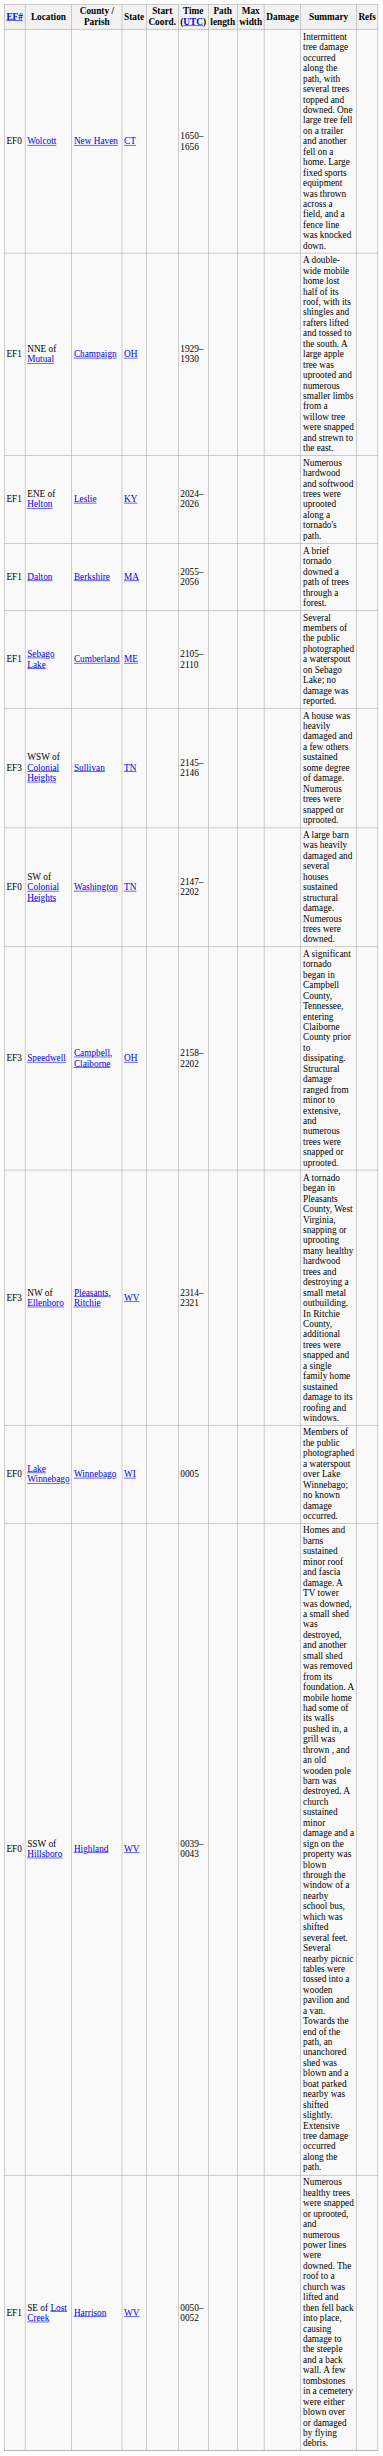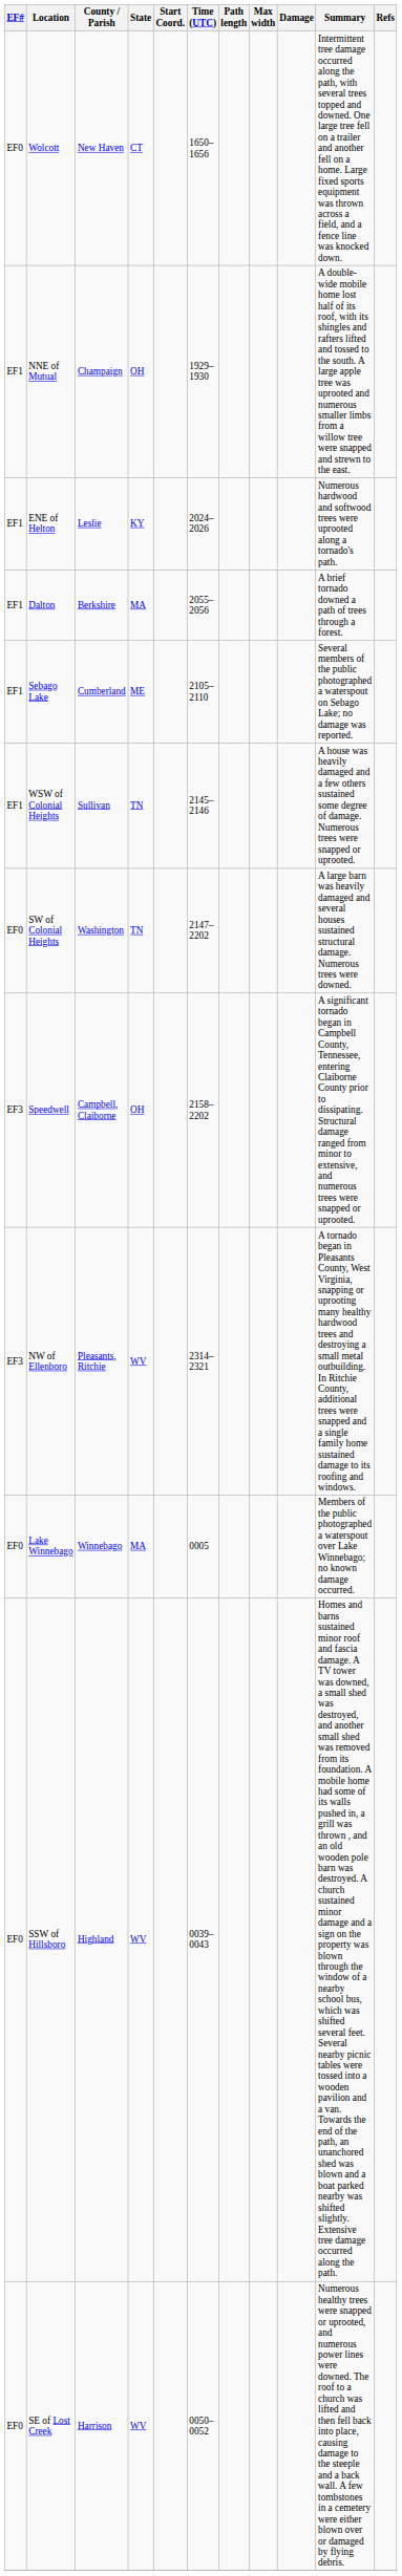 <table class="wikitable sortable" style="width:100%;">
 <tr>
 <th scope="col" width="3%" align="center"><a href='#'>EF#</a></th>
 <th scope="col" width="7%" align="center" class="unsortable">Location</th>
 <th scope="col" width="6%" align="center" class="unsortable">County / Parish</th>
 <th scope="col" width="5%" align="center">State</th>
 <th scope="col" width="6%" align="center">Start Coord.</th>
 <th scope="col" width="6%" align="center">Time (<a href='#'>UTC</a>)</th>
 <th scope="col" width="6%" align="center">Path length</th>
 <th scope="col" width="6%" align="center">Max width</th>
 <th scope="col" width="6%" align="center">Damage</th>
 <th scope="col" width="48%" class="unsortable" align="center">Summary</th>
 <th scope="col" width="48%" class="unsortable" align="center">Refs</th>
 </tr>
 <tr>
 <td>EF0</td>
 <td><a href='#'>Wolcott</a></td>
 <td><a href='#'>New Haven</a></td>
 <td><a href='#'>CT</a></td>
 <td></td>
 <td>1650–1656</td>
 <td></td>
 <td></td>
 <td></td>
 <td>Intermittent tree damage occurred along the path, with several trees topped and downed. One large tree fell on a trailer and another fell on a home. Large fixed sports equipment was thrown across a field, and a fence line was knocked down.</td>
 <td></td>
 </tr>
 <tr>
 <td>EF1</td>
 <td>NNE of <a href='#'>Mutual</a></td>
 <td><a href='#'>Champaign</a></td>
 <td><a href='#'>OH</a></td>
 <td></td>
 <td>1929–1930</td>
 <td></td>
 <td></td>
 <td></td>
 <td>A double-wide mobile home lost half of its roof, with its shingles and rafters lifted and tossed to the south. A large apple tree was uprooted and numerous smaller limbs from a willow tree were snapped and strewn to the east.</td>
 <td></td>
 </tr>
 <tr>
 <td>EF1</td>
 <td>ENE of <a href='#'>Helton</a></td>
 <td><a href='#'>Leslie</a></td>
 <td><a href='#'>KY</a></td>
 <td></td>
 <td>2024–2026</td>
 <td></td>
 <td></td>
 <td></td>
 <td>Numerous hardwood and softwood trees were uprooted along a tornado's path.</td>
 <td></td>
 </tr>
 <tr>
 <td>EF1</td>
 <td><a href='#'>Dalton</a></td>
 <td><a href='#'>Berkshire</a></td>
 <td><a href='#'>MA</a></td>
 <td></td>
 <td>2055–2056</td>
 <td></td>
 <td></td>
 <td></td>
 <td>A brief tornado downed a path of trees through a forest.</td>
 <td></td>
 </tr>
 <tr>
 <td>EF1</td>
 <td><a href='#'>Sebago Lake</a></td>
 <td><a href='#'>Cumberland</a></td>
 <td><a href='#'>ME</a></td>
 <td></td>
 <td>2105–2110</td>
 <td></td>
 <td></td>
 <td></td>
 <td>Several members of the public photographed a waterspout on Sebago Lake; no damage was reported.</td>
 <td></td>
 </tr>
 <tr>
-<td>EF3</td>
+<td>EF1</td>
 <td>WSW of <a href='#'>Colonial Heights</a></td>
 <td><a href='#'>Sullivan</a></td>
 <td><a href='#'>TN</a></td>
 <td></td>
 <td>2145–2146</td>
 <td></td>
 <td></td>
 <td></td>
 <td>A house was heavily damaged and a few others sustained some degree of damage. Numerous trees were snapped or uprooted.</td>
 <td></td>
 </tr>
 <tr>
 <td>EF0</td>
 <td>SW of <a href='#'>Colonial Heights</a></td>
 <td><a href='#'>Washington</a></td>
 <td><a href='#'>TN</a></td>
 <td></td>
 <td>2147–2202</td>
 <td></td>
 <td></td>
 <td></td>
 <td>A large barn was heavily damaged and several houses sustained structural damage. Numerous trees were downed.</td>
 <td></td>
 </tr>
 <tr>
 <td>EF3</td>
 <td><a href='#'>Speedwell</a></td>
 <td><a href='#'>Campbell</a>, <a href='#'>Claiborne</a></td>
 <td><a href='#'>OH</a></td>
 <td></td>
 <td>2158–2202</td>
 <td></td>
 <td></td>
 <td></td>
 <td>A significant tornado began in Campbell County, Tennessee, entering Claiborne County prior to dissipating. Structural damage ranged from minor to extensive, and numerous trees were snapped or uprooted.</td>
 <td></td>
 </tr>
 <tr>
 <td>EF3</td>
 <td>NW of <a href='#'>Ellenboro</a></td>
 <td><a href='#'>Pleasants</a>, <a href='#'>Ritchie</a></td>
 <td><a href='#'>WV</a></td>
 <td></td>
 <td>2314–2321</td>
 <td></td>
 <td></td>
 <td></td>
 <td>A tornado began in Pleasants County, West Virginia, snapping or uprooting many healthy hardwood trees and destroying a small metal outbuilding. In Ritchie County, additional trees were snapped and a single family home sustained damage to its roofing and windows.</td>
 <td></td>
 </tr>
 <tr>
 <td>EF0</td>
 <td><a href='#'>Lake Winnebago</a></td>
 <td><a href='#'>Winnebago</a></td>
-<td><a href='#'>WI</a></td>
+<td><a href='#'>MA</a></td>
 <td></td>
 <td>0005</td>
 <td></td>
 <td></td>
 <td></td>
 <td>Members of the public photographed a waterspout over Lake Winnebago; no known damage occurred.</td>
 <td></td>
 </tr>
 <tr>
 <td>EF0</td>
 <td>SSW of <a href='#'>Hillsboro</a></td>
 <td><a href='#'>Highland</a></td>
 <td><a href='#'>WV</a></td>
 <td></td>
 <td>0039–0043</td>
 <td></td>
 <td></td>
 <td></td>
 <td>Homes and barns sustained minor roof and fascia damage. A  TV tower was downed, a small shed was destroyed, and another small shed was removed from its foundation. A mobile home had some of its walls pushed in, a grill was thrown , and an old wooden pole barn was destroyed. A church sustained minor damage and a sign on the property was blown through the window of a nearby school bus, which was shifted several feet. Several nearby picnic tables were tossed into a wooden pavilion and a van. Towards the end of the path, an unanchored shed was blown  and a boat parked nearby was shifted slightly. Extensive tree damage occurred along the path.</td>
 <td></td>
 </tr>
 <tr>
-<td>EF1</td>
+<td>EF0</td>
 <td>SE of <a href='#'>Lost Creek</a></td>
 <td><a href='#'>Harrison</a></td>
 <td><a href='#'>WV</a></td>
 <td></td>
 <td>0050–0052</td>
 <td></td>
 <td></td>
 <td></td>
 <td>Numerous healthy trees were snapped or uprooted, and numerous power lines were downed. The roof to a church was lifted and then fell back into place, causing damage to the steeple and a back wall. A few tombstones in a cemetery were either blown over or damaged by flying debris.</td>
 <td></td>
 </tr>
 <tr>
 </tr>
 </table>
